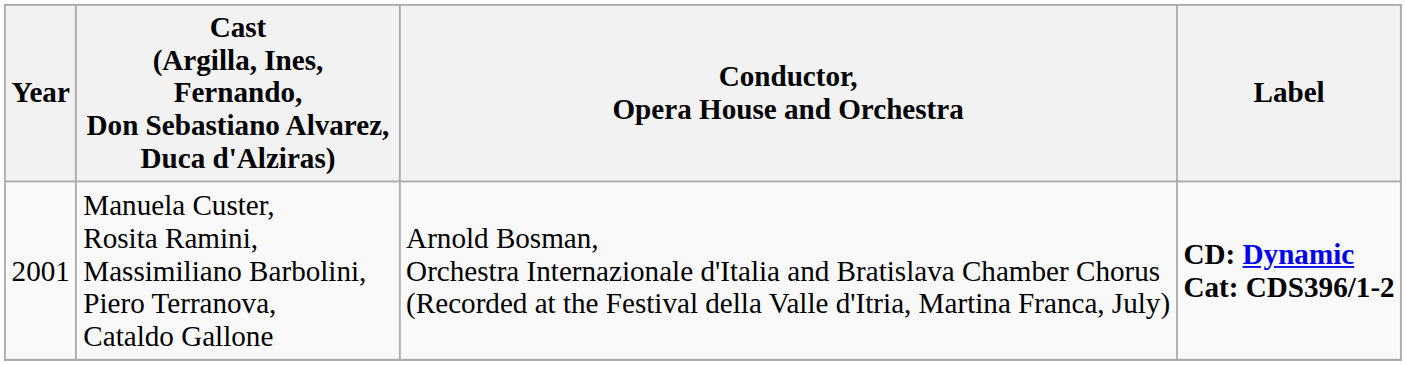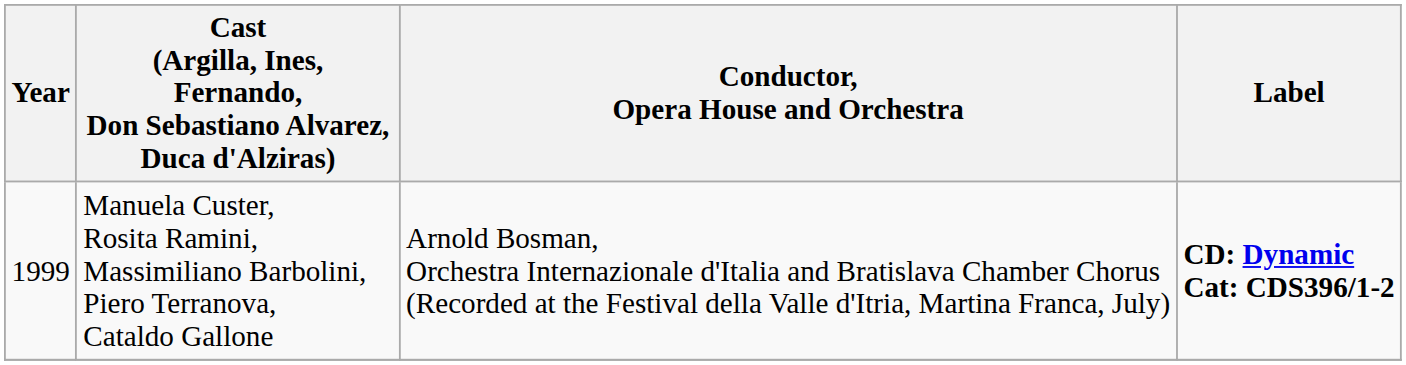 <table class="wikitable">
 <tr>
 <th>Year</th>
 <th width="170">Cast <br>(Argilla, Ines,<br>Fernando,<br>Don Sebastiano Alvarez, Duca d'Alziras)</th>
 <th>Conductor,<br>Opera House and Orchestra</th>
 <th>Label</th>
 </tr>
 <tr>
-<td>2001</td>
+<td>1999</td>
 <td>Manuela Custer,<br>Rosita Ramini,<br>Massimiliano Barbolini,<br>Piero Terranova,<br>Cataldo Gallone</td>
 <td>Arnold Bosman,<br>Orchestra Internazionale d'Italia and Bratislava Chamber Chorus<br>(Recorded at the Festival della Valle d'Itria, Martina Franca, July)</td>
 <td><strong>CD: <a href='#'>Dynamic</a><br>Cat: CDS396/1-2</strong></td>
 </tr>
 <tr>
 </tr>
 </table>
